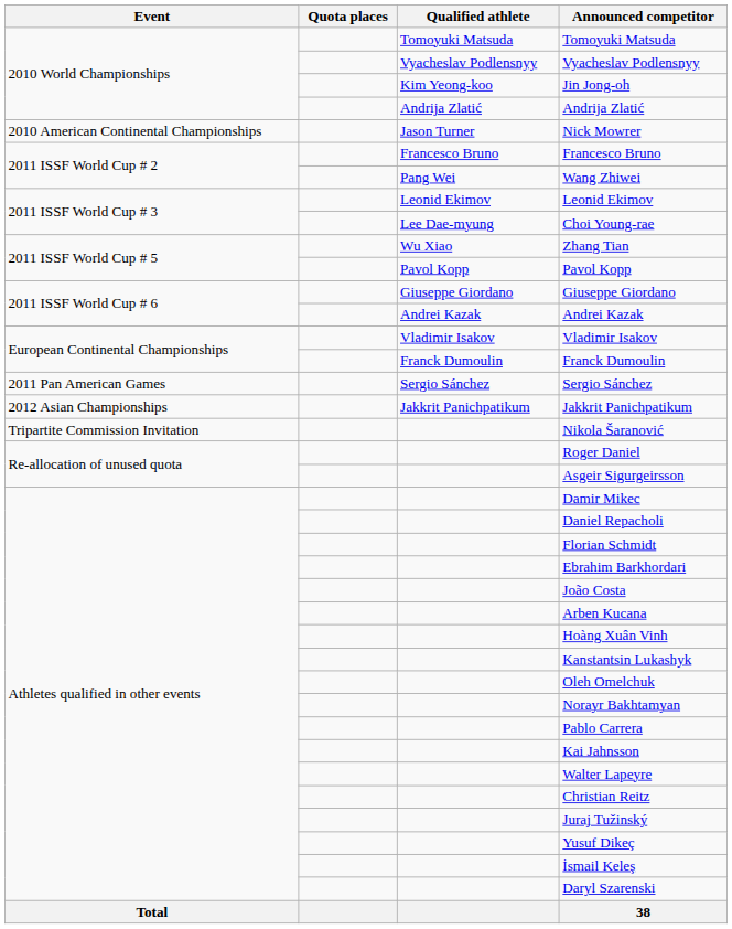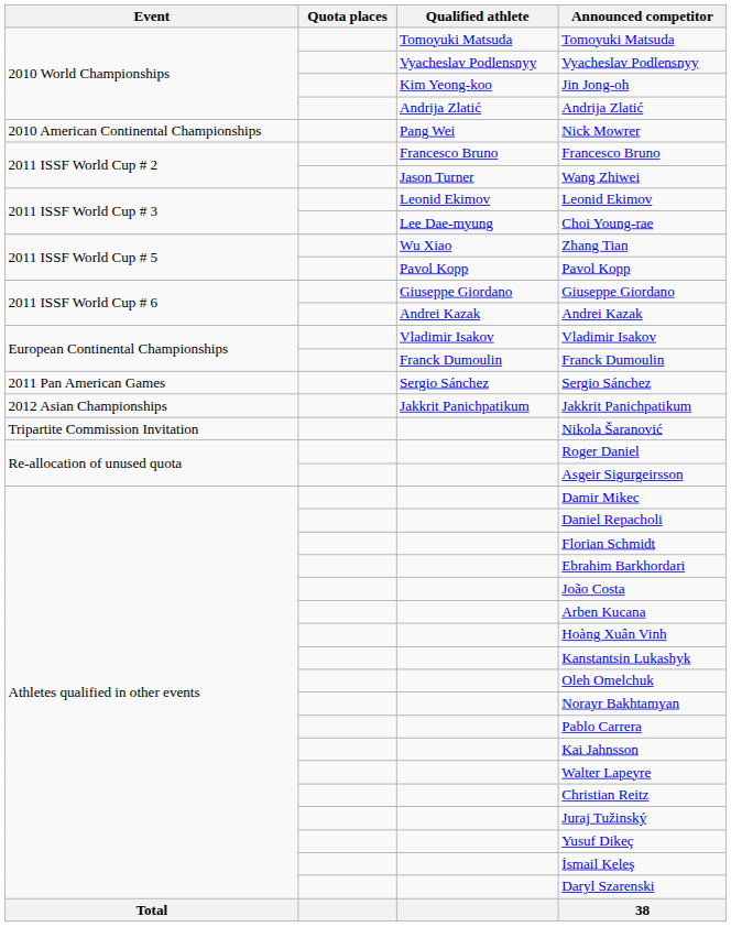 <table class=wikitable style="text-align:left" width=800>
 <tr>
 <th>Event</th>
 <th>Quota places</th>
 <th>Qualified athlete</th>
 <th>Announced competitor</th>
 </tr>
 <tr>
 <td rowspan="4">2010 World Championships</td>
 <td></td>
 <td><a href='#'>Tomoyuki Matsuda</a></td>
 <td><a href='#'>Tomoyuki Matsuda</a></td>
 </tr>
 <tr>
 <td></td>
 <td><a href='#'>Vyacheslav Podlensnyy</a></td>
 <td><a href='#'>Vyacheslav Podlensnyy</a></td>
 </tr>
 <tr>
 <td></td>
 <td><a href='#'>Kim Yeong-koo</a></td>
 <td><a href='#'>Jin Jong-oh</a></td>
 </tr>
 <tr>
 <td></td>
 <td><a href='#'>Andrija Zlatić</a></td>
 <td><a href='#'>Andrija Zlatić</a></td>
 </tr>
 <tr>
 <td rowspan="1">2010 American Continental Championships</td>
 <td></td>
-<td><a href='#'>Jason Turner</a></td>
+<td><a href='#'>Pang Wei</a></td>
 <td><a href='#'>Nick Mowrer</a></td>
 </tr>
 <tr>
 <td rowspan="2">2011 ISSF World Cup # 2</td>
 <td></td>
 <td><a href='#'>Francesco Bruno</a></td>
 <td><a href='#'>Francesco Bruno</a></td>
 </tr>
 <tr>
 <td></td>
-<td><a href='#'>Pang Wei</a></td>
+<td><a href='#'>Jason Turner</a></td>
 <td><a href='#'>Wang Zhiwei</a></td>
 </tr>
 <tr>
 <td rowspan="2">2011 ISSF World Cup # 3</td>
 <td></td>
 <td><a href='#'>Leonid Ekimov</a></td>
 <td><a href='#'>Leonid Ekimov</a></td>
 </tr>
 <tr>
 <td></td>
 <td><a href='#'>Lee Dae-myung</a></td>
 <td><a href='#'>Choi Young-rae</a></td>
 </tr>
 <tr>
 <td rowspan="2">2011 ISSF World Cup # 5</td>
 <td></td>
 <td><a href='#'>Wu Xiao</a></td>
 <td><a href='#'>Zhang Tian</a></td>
 </tr>
 <tr>
 <td></td>
 <td><a href='#'>Pavol Kopp</a></td>
 <td><a href='#'>Pavol Kopp</a></td>
 </tr>
 <tr>
 <td rowspan="2">2011 ISSF World Cup # 6</td>
 <td></td>
 <td><a href='#'>Giuseppe Giordano</a></td>
 <td><a href='#'>Giuseppe Giordano</a></td>
 </tr>
 <tr>
 <td></td>
 <td><a href='#'>Andrei Kazak</a></td>
 <td><a href='#'>Andrei Kazak</a></td>
 </tr>
 <tr>
 <td rowspan="2">European Continental Championships</td>
 <td></td>
 <td><a href='#'>Vladimir Isakov</a></td>
 <td><a href='#'>Vladimir Isakov</a></td>
 </tr>
 <tr>
 <td></td>
 <td><a href='#'>Franck Dumoulin</a></td>
 <td><a href='#'>Franck Dumoulin</a></td>
 </tr>
 <tr>
 <td rowspan="1">2011 Pan American Games</td>
 <td></td>
 <td><a href='#'>Sergio Sánchez</a></td>
 <td><a href='#'>Sergio Sánchez</a></td>
 </tr>
 <tr>
 <td rowspan="1">2012 Asian Championships</td>
 <td></td>
 <td><a href='#'>Jakkrit Panichpatikum</a></td>
 <td><a href='#'>Jakkrit Panichpatikum</a></td>
 </tr>
 <tr>
 <td rowspan="1">Tripartite Commission Invitation</td>
 <td></td>
 <td></td>
 <td><a href='#'>Nikola Šaranović</a></td>
 </tr>
 <tr>
 <td rowspan="2">Re-allocation of unused quota</td>
 <td></td>
 <td></td>
 <td><a href='#'>Roger Daniel</a></td>
 </tr>
 <tr>
 <td></td>
 <td></td>
 <td><a href='#'>Asgeir Sigurgeirsson</a></td>
 </tr>
 <tr>
 <td rowspan="18">Athletes qualified in other events</td>
 <td></td>
 <td></td>
 <td><a href='#'>Damir Mikec</a></td>
 </tr>
 <tr>
 <td></td>
 <td></td>
 <td><a href='#'>Daniel Repacholi</a></td>
 </tr>
 <tr>
 <td></td>
 <td></td>
 <td><a href='#'>Florian Schmidt</a></td>
 </tr>
 <tr>
 <td></td>
 <td></td>
 <td><a href='#'>Ebrahim Barkhordari</a></td>
 </tr>
 <tr>
 <td></td>
 <td></td>
 <td><a href='#'>João Costa</a></td>
 </tr>
 <tr>
 <td></td>
 <td></td>
 <td><a href='#'>Arben Kucana</a></td>
 </tr>
 <tr>
 <td></td>
 <td></td>
 <td><a href='#'>Hoàng Xuân Vinh</a></td>
 </tr>
 <tr>
 <td></td>
 <td></td>
 <td><a href='#'>Kanstantsin Lukashyk</a></td>
 </tr>
 <tr>
 <td></td>
 <td></td>
 <td><a href='#'>Oleh Omelchuk</a></td>
 </tr>
 <tr>
 <td></td>
 <td></td>
 <td><a href='#'>Norayr Bakhtamyan</a></td>
 </tr>
 <tr>
 <td></td>
 <td></td>
 <td><a href='#'>Pablo Carrera</a></td>
 </tr>
 <tr>
 <td></td>
 <td></td>
 <td><a href='#'>Kai Jahnsson</a></td>
 </tr>
 <tr>
 <td></td>
 <td></td>
 <td><a href='#'>Walter Lapeyre</a></td>
 </tr>
 <tr>
 <td></td>
 <td></td>
 <td><a href='#'>Christian Reitz</a></td>
 </tr>
 <tr>
 <td></td>
 <td></td>
 <td><a href='#'>Juraj Tužinský</a></td>
 </tr>
 <tr>
 <td></td>
 <td></td>
 <td><a href='#'>Yusuf Dikeç</a></td>
 </tr>
 <tr>
 <td></td>
 <td></td>
 <td><a href='#'>İsmail Keleş</a></td>
 </tr>
 <tr>
 <td></td>
 <td></td>
 <td><a href='#'>Daryl Szarenski</a></td>
 </tr>
 <tr>
 <th>Total</th>
 <th></th>
 <th></th>
 <th>38</th>
 </tr>
 </table>
